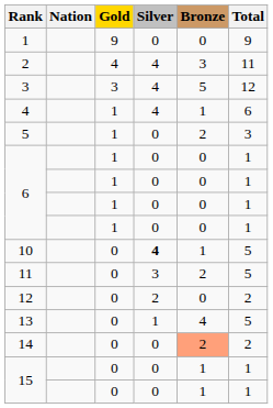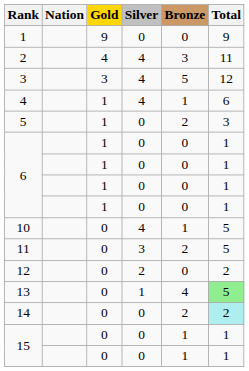 <table class="wikitable sortable" style="text-align:center">
 <tr>
 <th>Rank</th>
 <th>Nation</th>
 <th style="background-color:gold">Gold</th>
 <th style="background-color:silver">Silver</th>
 <th style="background-color:#cc9966">Bronze</th>
 <th>Total</th>
 </tr>
 <tr>
 <td>1</td>
 <td align=left><em></em></td>
 <td>9</td>
 <td>0</td>
 <td>0</td>
 <td>9</td>
 </tr>
 <tr>
 <td>2</td>
 <td align=left></td>
 <td>4</td>
 <td>4</td>
 <td>3</td>
 <td>11</td>
 </tr>
 <tr>
 <td>3</td>
 <td align=left></td>
 <td>3</td>
 <td>4</td>
 <td>5</td>
 <td>12</td>
 </tr>
 <tr>
 <td>4</td>
 <td align=left><em></em></td>
 <td>1</td>
 <td>4</td>
 <td>1</td>
 <td>6</td>
 </tr>
 <tr>
 <td>5</td>
 <td align=left></td>
 <td>1</td>
 <td>0</td>
 <td>2</td>
 <td>3</td>
 </tr>
 <tr>
 <td rowspan="4">6</td>
 <td align=left></td>
 <td>1</td>
 <td>0</td>
 <td>0</td>
 <td>1</td>
 </tr>
 <tr>
 <td align=left></td>
 <td>1</td>
 <td>0</td>
 <td>0</td>
 <td>1</td>
 </tr>
 <tr>
 <td align=left></td>
 <td>1</td>
 <td>0</td>
 <td>0</td>
 <td>1</td>
 </tr>
 <tr>
 <td align=left></td>
 <td>1</td>
 <td>0</td>
 <td>0</td>
 <td>1</td>
 </tr>
 <tr>
 <td>10</td>
 <td align=left></td>
 <td>0</td>
-<td><strong>4</strong></td>
+<td>4</td>
 <td>1</td>
 <td>5</td>
 </tr>
 <tr>
 <td>11</td>
 <td align=left></td>
 <td>0</td>
 <td>3</td>
 <td>2</td>
 <td>5</td>
 </tr>
 <tr>
 <td>12</td>
 <td align=left></td>
 <td>0</td>
 <td>2</td>
 <td>0</td>
 <td>2</td>
 </tr>
 <tr>
 <td>13</td>
 <td align=left><em></em></td>
 <td>0</td>
 <td>1</td>
 <td>4</td>
-<td>5</td>
+<td style="background: lightgreen;">5</td>
 </tr>
 <tr>
 <td>14</td>
 <td align=left></td>
 <td>0</td>
 <td>0</td>
-<td style="background: lightsalmon;">2</td>
 <td>2</td>
+<td style="background: paleturquoise;">2</td>
 </tr>
 <tr>
 <td rowspan="2">15</td>
 <td align=left></td>
 <td>0</td>
 <td>0</td>
 <td>1</td>
 <td>1</td>
 </tr>
 <tr>
 <td align=left></td>
 <td>0</td>
 <td>0</td>
 <td>1</td>
 <td>1</td>
 </tr>
 </table>
